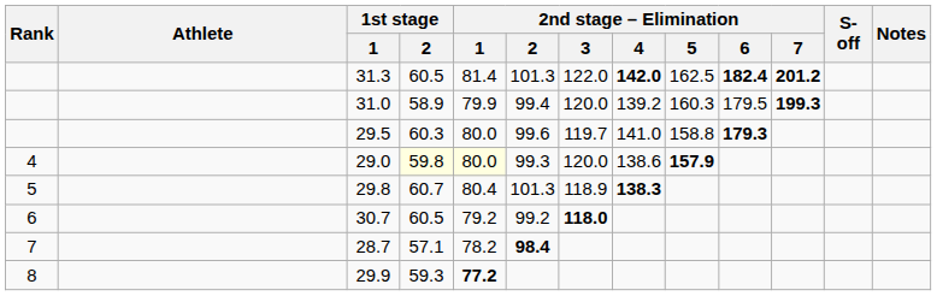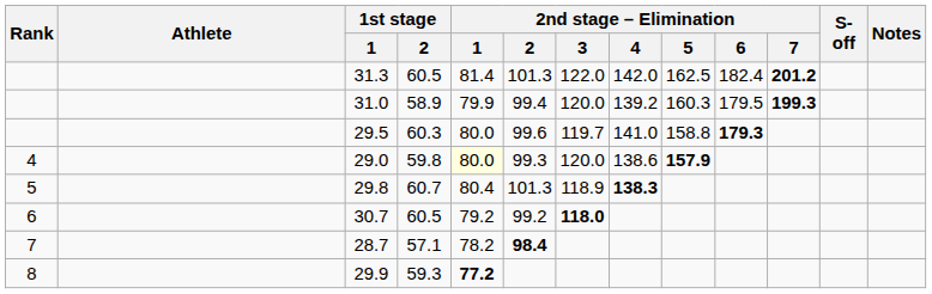 <table class="wikitable" style="text-align:center">
 <tr>
 <th rowspan=2 width=40>Rank</th>
 <th rowspan=2 width=250>Athlete</th>
 <th colspan=2>1st stage</th>
 <th colspan=7>2nd stage – Elimination</th>
 <th rowspan=2 width=35>S-off</th>
 <th rowspan=2 width=45>Notes</th>
 </tr>
 <tr>
 <th width=40>1</th>
 <th width=40>2</th>
 <th width=40>1</th>
 <th width=40>2</th>
 <th width=40>3</th>
 <th width=40>4</th>
 <th width=40>5</th>
 <th width=40>6</th>
 <th width=40>7</th>
 </tr>
 <tr>
 <td></td>
 <td align=left></td>
 <td>31.3</td>
 <td>60.5</td>
 <td>81.4</td>
 <td>101.3</td>
 <td>122.0</td>
-<td><strong>142.0</strong></td>
+<td>142.0</td>
 <td>162.5</td>
-<td><strong>182.4</strong></td>
+<td>182.4</td>
 <td><strong>201.2</strong></td>
 <td></td>
 <td></td>
 </tr>
 <tr>
 <td></td>
 <td align=left></td>
 <td>31.0</td>
 <td>58.9</td>
 <td>79.9</td>
 <td>99.4</td>
 <td>120.0</td>
 <td>139.2</td>
 <td>160.3</td>
 <td>179.5</td>
 <td><strong>199.3</strong></td>
 <td></td>
 <td></td>
 </tr>
 <tr>
 <td></td>
 <td align=left></td>
 <td>29.5</td>
 <td>60.3</td>
 <td>80.0</td>
 <td>99.6</td>
 <td>119.7</td>
 <td>141.0</td>
 <td>158.8</td>
 <td><strong>179.3</strong></td>
 <td></td>
 <td></td>
 <td></td>
 </tr>
 <tr>
 <td>4</td>
 <td align=left></td>
 <td>29.0</td>
-<td style="background: lightyellow;">59.8</td>
+<td>59.8</td>
 <td style="background: lightyellow;">80.0</td>
 <td>99.3</td>
 <td>120.0</td>
 <td>138.6</td>
 <td><strong>157.9</strong></td>
 <td></td>
 <td></td>
 <td></td>
 <td></td>
 </tr>
 <tr>
 <td>5</td>
 <td align=left></td>
 <td>29.8</td>
 <td>60.7</td>
 <td>80.4</td>
 <td>101.3</td>
 <td>118.9</td>
 <td><strong>138.3</strong></td>
 <td></td>
 <td></td>
 <td></td>
 <td></td>
 <td></td>
 </tr>
 <tr>
 <td>6</td>
 <td align=left></td>
 <td>30.7</td>
 <td>60.5</td>
 <td>79.2</td>
 <td>99.2</td>
 <td><strong>118.0</strong></td>
 <td></td>
 <td></td>
 <td></td>
 <td></td>
 <td></td>
 <td></td>
 </tr>
 <tr>
 <td>7</td>
 <td align=left></td>
 <td>28.7</td>
 <td>57.1</td>
 <td>78.2</td>
 <td><strong>98.4</strong></td>
 <td></td>
 <td></td>
 <td></td>
 <td></td>
 <td></td>
 <td></td>
 <td></td>
 </tr>
 <tr>
 <td>8</td>
 <td align=left></td>
 <td>29.9</td>
 <td>59.3</td>
 <td><strong>77.2</strong></td>
 <td></td>
 <td></td>
 <td></td>
 <td></td>
 <td></td>
 <td></td>
 <td></td>
 <td></td>
 </tr>
 </table>
